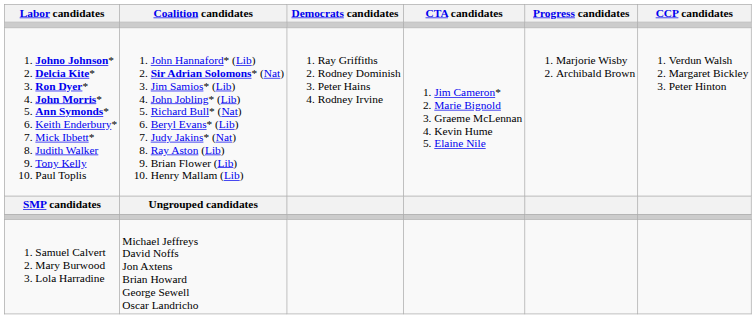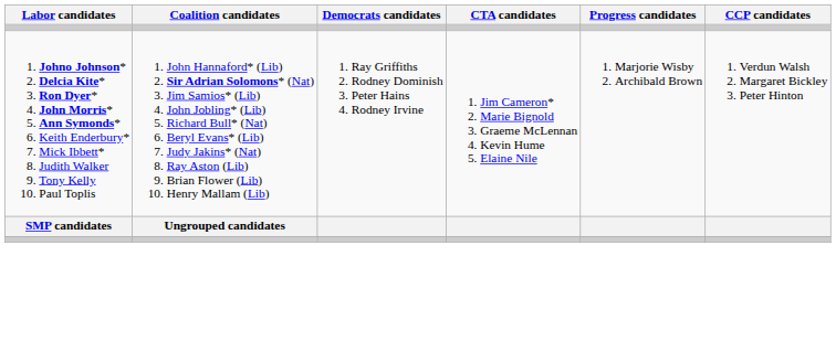 <table class="wikitable">
 <tr>
 <th><a href='#'>Labor</a> candidates</th>
 <th><a href='#'>Coalition</a> candidates</th>
 <th><a href='#'>Democrats</a> candidates</th>
 <th><a href='#'>CTA</a> candidates</th>
 <th><a href='#'>Progress</a> candidates</th>
 <th><a href='#'>CCP</a> candidates</th>
 </tr>
 <tr bgcolor="#cccccc">
 <td></td>
 <td></td>
 <td></td>
 <td></td>
 <td></td>
 <td></td>
 </tr>
 <tr>
 <td><br><ol><li><strong><a href='#'>Johno Johnson</a></strong>*</li><li><strong><a href='#'>Delcia Kite</a></strong>*</li><li><strong><a href='#'>Ron Dyer</a></strong>*</li><li><strong><a href='#'>John Morris</a></strong>*</li><li><strong><a href='#'>Ann Symonds</a></strong>*</li><li><a href='#'>Keith Enderbury</a>*</li><li><a href='#'>Mick Ibbett</a>*</li><li><a href='#'>Judith Walker</a></li><li><a href='#'>Tony Kelly</a></li><li>Paul Toplis</li></ol></td>
 <td><br><ol><li><a href='#'>John Hannaford</a>* (<a href='#'>Lib</a>)</li><li><strong><a href='#'>Sir Adrian Solomons</a></strong>* (<a href='#'>Nat</a>)</li><li><a href='#'>Jim Samios</a>* (<a href='#'>Lib</a>)</li><li><a href='#'>John Jobling</a>* (<a href='#'>Lib</a>)</li><li><a href='#'>Richard Bull</a>* (<a href='#'>Nat</a>)</li><li><a href='#'>Beryl Evans</a>* (<a href='#'>Lib</a>)</li><li><a href='#'>Judy Jakins</a>* (<a href='#'>Nat</a>)</li><li><a href='#'>Ray Aston</a> (<a href='#'>Lib</a>)</li><li>Brian Flower (<a href='#'>Lib</a>)</li><li>Henry Mallam (<a href='#'>Lib</a>)</li></ol></td>
 <td valign=top><br><ol><li>Ray Griffiths</li><li>Rodney Dominish</li><li>Peter Hains</li><li>Rodney Irvine</li></ol></td>
 <td><br><ol><li><a href='#'>Jim Cameron</a>*</li><li><a href='#'>Marie Bignold</a></li><li>Graeme McLennan</li><li>Kevin Hume</li><li><a href='#'>Elaine Nile</a></li></ol></td>
 <td valign=top><br><ol><li>Marjorie Wisby</li><li>Archibald Brown</li></ol></td>
 <td valign=top><br><ol><li>Verdun Walsh</li><li>Margaret Bickley</li><li>Peter Hinton</li></ol></td>
 </tr>
 <tr bgcolor="#cccccc">
 <th><a href='#'>SMP</a> candidates</th>
 <th>Ungrouped candidates</th>
 <th></th>
 <th></th>
 <th></th>
 <th></th>
 </tr>
 <tr bgcolor="#cccccc">
 <td></td>
 <td></td>
 <td></td>
 <td></td>
 <td></td>
 <td></td>
 </tr>
-<tr>
-<td valign=top><br><ol><li>Samuel Calvert</li><li>Mary Burwood</li><li>Lola Harradine</li></ol></td>
-<td valign=top><br>Michael Jeffreys<br> David Noffs<br> Jon Axtens<br> Brian Howard<br> George Sewell<br> Oscar Landricho</td>
-<td valign=top></td>
-<td valign=top></td>
-<td valign=top></td>
-<td valign=top></td>
-</tr>
 </table>
